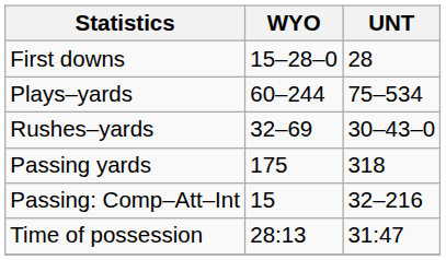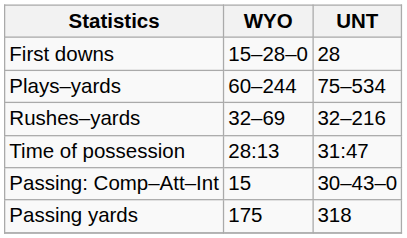 <table class="wikitable" style="float: left;">
 <tr>
 <th>Statistics</th>
 <th>WYO</th>
 <th>UNT</th>
 </tr>
 <tr>
 <td>First downs</td>
 <td>15–28–0</td>
 <td>28</td>
 </tr>
 <tr>
 <td>Plays–yards</td>
 <td>60–244</td>
 <td>75–534</td>
 </tr>
 <tr>
 <td>Rushes–yards</td>
 <td>32–69</td>
+<td>32–216</td>
+</tr>
+<tr>
+<td>Time of possession</td>
+<td>28:13</td>
+<td>31:47</td>
+</tr>
+<tr>
+<td>Passing: Comp–Att–Int</td>
+<td>15</td>
 <td>30–43–0</td>
 </tr>
 <tr>
 <td>Passing yards</td>
 <td>175</td>
 <td>318</td>
 </tr>
 <tr>
-<td>Passing: Comp–Att–Int</td>
-<td>15</td>
-<td>32–216</td>
-</tr>
-<tr>
-<td>Time of possession</td>
-<td>28:13</td>
-<td>31:47</td>
-</tr>
-<tr>
 </tr>
 </table>
